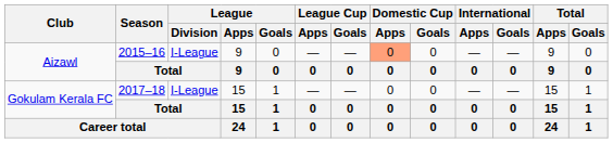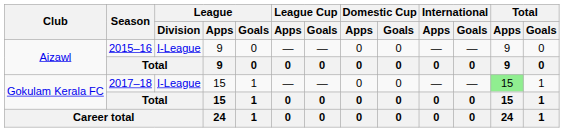 <table class="wikitable" style="text-align: center;">
 <tr>
 <th rowspan="2">Club</th>
 <th rowspan="2">Season</th>
 <th colspan="3">League</th>
 <th colspan="2">League Cup</th>
 <th colspan="2">Domestic Cup</th>
 <th colspan="2">International</th>
 <th colspan="2">Total</th>
 </tr>
 <tr>
 <th>Division</th>
 <th>Apps</th>
 <th>Goals</th>
 <th>Apps</th>
 <th>Goals</th>
 <th>Apps</th>
 <th>Goals</th>
 <th>Apps</th>
 <th>Goals</th>
 <th>Apps</th>
 <th>Goals</th>
 </tr>
 <tr>
 <td rowspan="2"><a href='#'>Aizawl</a></td>
 <td><a href='#'>2015–16</a></td>
 <td><a href='#'>I-League</a></td>
 <td>9</td>
 <td>0</td>
 <td>—</td>
 <td>—</td>
-<td style="background: lightsalmon;">0</td>
+<td>0</td>
 <td>0</td>
 <td>—</td>
 <td>—</td>
 <td>9</td>
 <td>0</td>
 </tr>
 <tr>
 <th colspan="2">Total</th>
 <th>9</th>
 <th>0</th>
 <th>0</th>
 <th>0</th>
 <th>0</th>
 <th>0</th>
 <th>0</th>
 <th>0</th>
 <th>9</th>
 <th>0</th>
 </tr>
 <tr>
 <td rowspan="2"><a href='#'>Gokulam Kerala FC</a></td>
 <td><a href='#'>2017–18</a></td>
 <td><a href='#'>I-League</a></td>
 <td>15</td>
 <td>1</td>
 <td>—</td>
 <td>—</td>
 <td>0</td>
 <td>0</td>
 <td>—</td>
 <td>—</td>
-<td>15</td>
+<td style="background: lightgreen;">15</td>
 <td>1</td>
 </tr>
 <tr>
 <th colspan="2">Total</th>
 <th>15</th>
 <th>1</th>
 <th>0</th>
 <th>0</th>
 <th>0</th>
 <th>0</th>
 <th>0</th>
 <th>0</th>
 <th>15</th>
 <th>1</th>
 </tr>
 <tr>
 <th colspan="3">Career total</th>
 <th>24</th>
 <th>1</th>
 <th>0</th>
 <th>0</th>
 <th>0</th>
 <th>0</th>
 <th>0</th>
 <th>0</th>
 <th>24</th>
 <th>1</th>
 </tr>
 </table>
